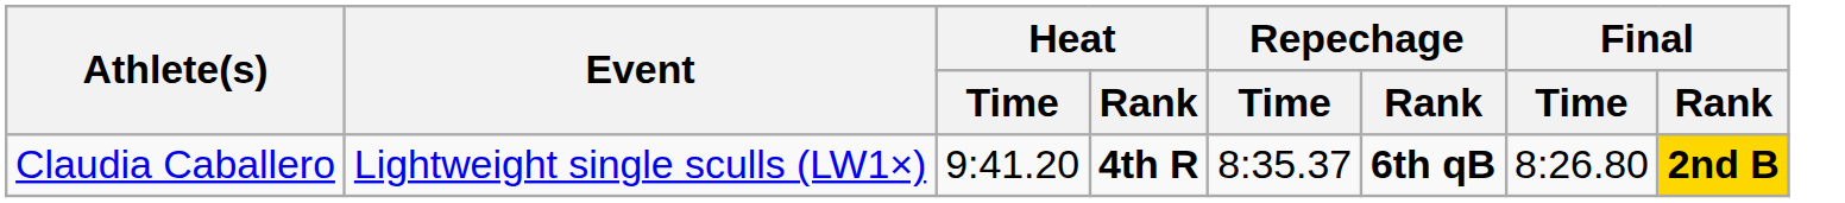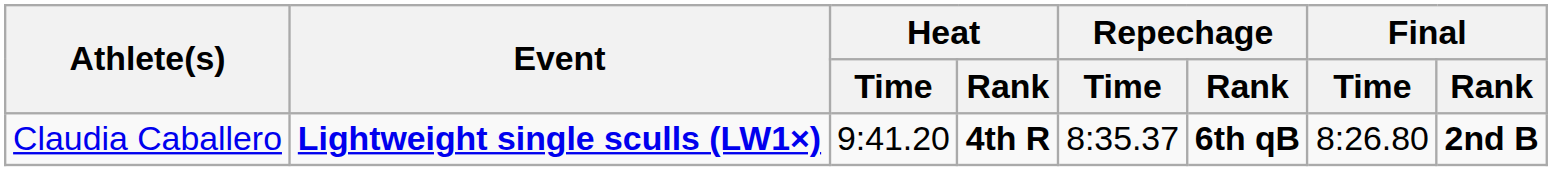 <table class="wikitable" style="font-size:90%">
 <tr>
 <th rowspan="2">Athlete(s)</th>
 <th rowspan="2">Event</th>
 <th colspan="2">Heat</th>
 <th colspan="2">Repechage</th>
 <th colspan="2">Final</th>
 </tr>
 <tr>
 <th>Time</th>
 <th>Rank</th>
 <th>Time</th>
 <th>Rank</th>
 <th>Time</th>
 <th>Rank</th>
 </tr>
 <tr>
 <td><a href='#'>Claudia Caballero</a></td>
-<td><a href='#'>Lightweight single sculls (LW1×)</a></td>
+<td><strong><a href='#'>Lightweight single sculls (LW1×)</a></strong></td>
 <td align=center>9:41.20</td>
 <td align=center><strong>4th R</strong></td>
 <td align=center>8:35.37</td>
 <td align=center><strong>6th qB</strong></td>
 <td align=center>8:26.80</td>
-<td align=center style="background: gold;"><strong>2nd B</strong></td>
+<td align=center><strong>2nd B</strong></td>
 </tr>
 </table>
